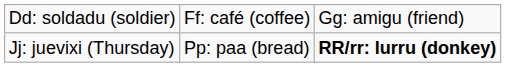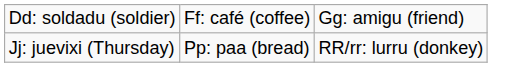 <table class="wikitable">
 <tr>
 <td>Dd: soldadu (soldier)</td>
 <td>Ff: café (coffee)</td>
 <td>Gg: amigu (friend)</td>
 </tr>
 <tr>
 <td>Jj: juevixi (Thursday)</td>
 <td>Pp: paa (bread)</td>
-<td><strong>RR/rr: lurru (donkey)</strong></td>
+<td>RR/rr: lurru (donkey)</td>
 </tr>
 </table>
